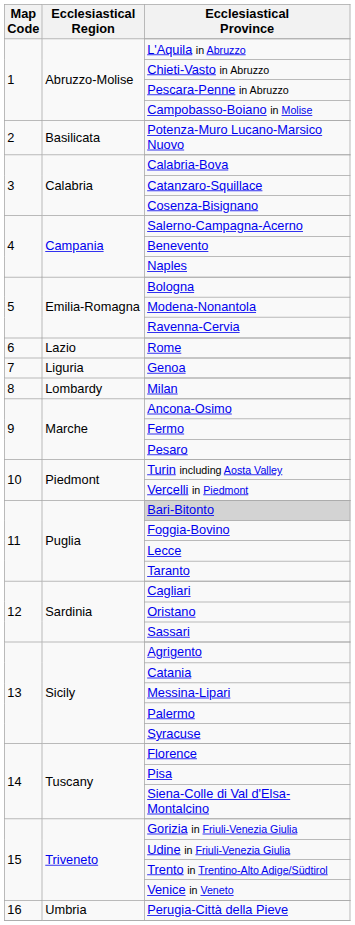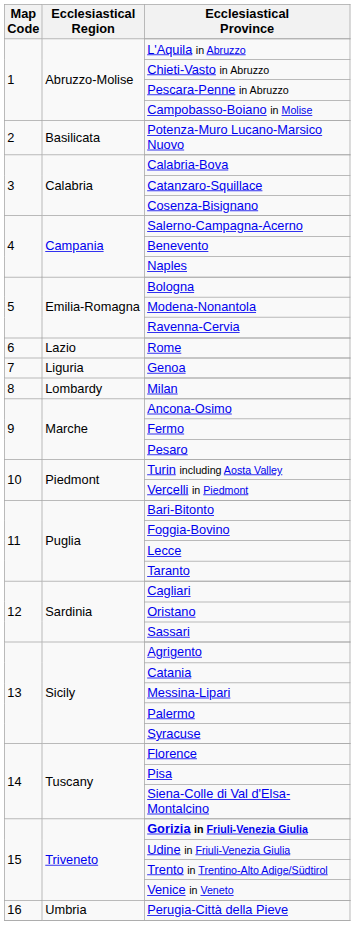 <table class="wikitable">
 <tr>
 <th style="width:25px">Map<br>Code</th>
 <th style="width:120px">Ecclesiastical<br>Region</th>
 <th style="width:250px">Ecclesiastical<br>Province</th>
 </tr>
 <tr>
 <td rowspan="5">1</td>
 <td rowspan="5">Abruzzo-Molise</td>
 </tr>
 <tr>
 <td><a href='#'>L'Aquila</a> <small> in <a href='#'>Abruzzo</a></small></td>
 </tr>
 <tr>
 <td><a href='#'>Chieti-Vasto</a> <small> in Abruzzo</small></td>
 </tr>
 <tr>
 <td><a href='#'>Pescara-Penne</a> <small> in Abruzzo</small></td>
 </tr>
 <tr>
 <td><a href='#'>Campobasso-Boiano</a> <small> in <a href='#'>Molise</a></small></td>
 </tr>
 <tr>
 <td rowspan="2">2</td>
 <td rowspan="2">Basilicata</td>
 </tr>
 <tr>
 <td><a href='#'>Potenza-Muro Lucano-Marsico Nuovo</a></td>
 </tr>
 <tr>
 <td rowspan="4">3</td>
 <td rowspan="4">Calabria</td>
 </tr>
 <tr>
 <td><a href='#'>Calabria-Bova</a></td>
 </tr>
 <tr>
 <td><a href='#'>Catanzaro-Squillace</a></td>
 </tr>
 <tr>
 <td><a href='#'>Cosenza-Bisignano</a></td>
 </tr>
 <tr>
 <td rowspan="4">4</td>
 <td rowspan="4"><a href='#'>Campania</a></td>
 </tr>
 <tr>
 <td><a href='#'>Salerno-Campagna-Acerno</a></td>
 </tr>
 <tr>
 <td><a href='#'>Benevento</a></td>
 </tr>
 <tr>
 <td><a href='#'>Naples</a></td>
 </tr>
 <tr>
 <td rowspan="4">5</td>
 <td rowspan="4">Emilia-Romagna</td>
 </tr>
 <tr>
 <td><a href='#'>Bologna</a></td>
 </tr>
 <tr>
 <td><a href='#'>Modena-Nonantola</a></td>
 </tr>
 <tr>
 <td><a href='#'>Ravenna-Cervia</a></td>
 </tr>
 <tr>
 <td rowspan="2">6</td>
 <td rowspan="2">Lazio</td>
 </tr>
 <tr>
 <td><a href='#'>Rome</a></td>
 </tr>
 <tr>
 <td rowspan="2">7</td>
 <td rowspan="2">Liguria</td>
 </tr>
 <tr>
 <td><a href='#'>Genoa</a></td>
 </tr>
 <tr>
 <td rowspan="2">8</td>
 <td rowspan="2">Lombardy</td>
 </tr>
 <tr>
 <td><a href='#'>Milan</a></td>
 </tr>
 <tr>
 <td rowspan="4">9</td>
 <td rowspan="4">Marche</td>
 </tr>
 <tr>
 <td><a href='#'>Ancona-Osimo</a></td>
 </tr>
 <tr>
 <td><a href='#'>Fermo</a></td>
 </tr>
 <tr>
 <td><a href='#'>Pesaro</a></td>
 </tr>
 <tr>
 <td rowspan="3">10</td>
 <td rowspan="3">Piedmont</td>
 </tr>
 <tr>
 <td><a href='#'>Turin</a> <small>including <a href='#'>Aosta Valley</a></small></td>
 </tr>
 <tr>
 <td><a href='#'>Vercelli</a> <small>in <a href='#'>Piedmont</a></small></td>
 </tr>
 <tr>
 <td rowspan="5">11</td>
 <td rowspan="5">Puglia</td>
 </tr>
 <tr>
-<td style="background: lightgrey;"><a href='#'>Bari-Bitonto</a></td>
+<td><a href='#'>Bari-Bitonto</a></td>
 </tr>
 <tr>
 <td><a href='#'>Foggia-Bovino</a></td>
 </tr>
 <tr>
 <td><a href='#'>Lecce</a></td>
 </tr>
 <tr>
 <td><a href='#'>Taranto</a></td>
 </tr>
 <tr>
 <td rowspan="4">12</td>
 <td rowspan="4">Sardinia</td>
 </tr>
 <tr>
 <td><a href='#'>Cagliari</a></td>
 </tr>
 <tr>
 <td><a href='#'>Oristano</a></td>
 </tr>
 <tr>
 <td><a href='#'>Sassari</a></td>
 </tr>
 <tr>
 <td rowspan="6">13</td>
 <td rowspan="6">Sicily</td>
 </tr>
 <tr>
 <td><a href='#'>Agrigento</a></td>
 </tr>
 <tr>
 <td><a href='#'>Catania</a></td>
 </tr>
 <tr>
 <td><a href='#'>Messina-Lipari</a></td>
 </tr>
 <tr>
 <td><a href='#'>Palermo</a></td>
 </tr>
 <tr>
 <td><a href='#'>Syracuse</a></td>
 </tr>
 <tr>
 <td rowspan="4">14</td>
 <td rowspan="4">Tuscany</td>
 </tr>
 <tr>
 <td><a href='#'>Florence</a></td>
 </tr>
 <tr>
 <td><a href='#'>Pisa</a></td>
 </tr>
 <tr>
 <td><a href='#'>Siena-Colle di Val d'Elsa-Montalcino</a></td>
 </tr>
 <tr>
 <td rowspan="5">15</td>
 <td rowspan="5"><a href='#'>Triveneto</a></td>
 </tr>
 <tr>
-<td><a href='#'>Gorizia</a> <small>in <a href='#'>Friuli-Venezia Giulia</a></small></td>
+<td><strong><a href='#'>Gorizia</a> <small>in <a href='#'>Friuli-Venezia Giulia</a></small></strong></td>
 </tr>
 <tr>
 <td><a href='#'>Udine</a> <small>in <a href='#'>Friuli-Venezia Giulia</a></small></td>
 </tr>
 <tr>
 <td><a href='#'>Trento</a> <small>in <a href='#'>Trentino-Alto Adige/Südtirol</a></small></td>
 </tr>
 <tr>
 <td><a href='#'>Venice</a> <small>in <a href='#'>Veneto</a></small></td>
 </tr>
 <tr>
 <td rowspan="2">16</td>
 <td rowspan="2">Umbria</td>
 </tr>
 <tr>
 <td><a href='#'>Perugia-Città della Pieve</a></td>
 </tr>
 <tr>
 </tr>
 </table>
